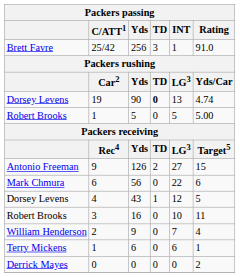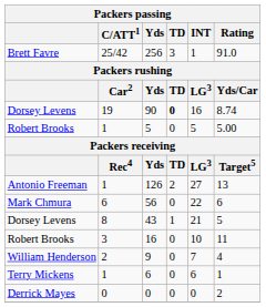 <table class="wikitable">
 <tr>
 <th colspan="6">Packers passing</th>
 </tr>
 <tr>
 <th></th>
 <th>C/ATT<sup>1</sup></th>
 <th>Yds</th>
 <th>TD</th>
 <th>INT</th>
 <th>Rating</th>
 </tr>
 <tr>
 <td><a href='#'>Brett Favre</a></td>
 <td>25/42</td>
 <td>256</td>
 <td>3</td>
 <td>1</td>
 <td>91.0</td>
 </tr>
 <tr>
 <th colspan="6">Packers rushing</th>
 </tr>
 <tr>
 <th></th>
 <th>Car<sup>2</sup></th>
 <th>Yds</th>
 <th>TD</th>
 <th>LG<sup>3</sup></th>
 <th>Yds/Car</th>
 </tr>
 <tr>
 <td><a href='#'>Dorsey Levens</a></td>
 <td>19</td>
 <td>90</td>
 <td><strong>0</strong></td>
-<td>13</td>
-<td>4.74</td>
+<td>16</td>
+<td>8.74</td>
 </tr>
 <tr>
 <td><a href='#'>Robert Brooks</a></td>
 <td>1</td>
 <td>5</td>
 <td>0</td>
 <td>5</td>
 <td>5.00</td>
 </tr>
 <tr>
 <th colspan="6">Packers receiving</th>
 </tr>
 <tr>
 <th></th>
 <th>Rec<sup>4</sup></th>
 <th>Yds</th>
 <th>TD</th>
 <th>LG<sup>3</sup></th>
 <th>Target<sup>5</sup></th>
 </tr>
 <tr>
 <td><a href='#'>Antonio Freeman</a></td>
-<td>9</td>
+<td>1</td>
 <td>126</td>
 <td>2</td>
 <td>27</td>
-<td>15</td>
+<td>13</td>
 </tr>
 <tr>
 <td><a href='#'>Mark Chmura</a></td>
 <td>6</td>
 <td>56</td>
 <td>0</td>
 <td>22</td>
 <td>6</td>
 </tr>
 <tr>
 <td>Dorsey Levens</td>
-<td>4</td>
+<td>8</td>
 <td>43</td>
 <td>1</td>
-<td>12</td>
+<td>21</td>
 <td>5</td>
 </tr>
 <tr>
 <td>Robert Brooks</td>
 <td>3</td>
 <td>16</td>
 <td>0</td>
 <td>10</td>
 <td>11</td>
 </tr>
 <tr>
 <td><a href='#'>William Henderson</a></td>
 <td>2</td>
 <td>9</td>
 <td>0</td>
 <td>7</td>
 <td>4</td>
 </tr>
 <tr>
 <td><a href='#'>Terry Mickens</a></td>
 <td>1</td>
 <td>6</td>
 <td>0</td>
 <td>6</td>
 <td>1</td>
 </tr>
 <tr>
 <td><a href='#'>Derrick Mayes</a></td>
 <td>0</td>
 <td>0</td>
 <td>0</td>
 <td>0</td>
 <td>2</td>
 </tr>
 <tr>
 </tr>
 </table>
